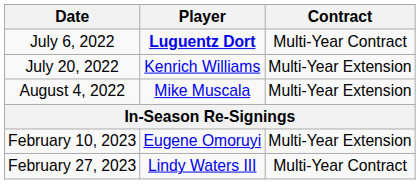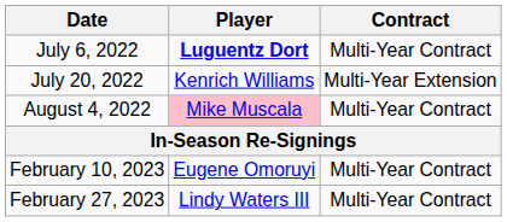 <table class="wikitable" style="text-align: center">
 <tr>
 <th>Date</th>
 <th>Player</th>
 <th>Contract</th>
 </tr>
 <tr style="text-align: center">
 <td>July 6, 2022</td>
 <td><strong><a href='#'>Luguentz Dort</a></strong></td>
 <td>Multi-Year Contract</td>
 </tr>
 <tr style="text-align: center">
 <td>July 20, 2022</td>
 <td><a href='#'>Kenrich Williams</a></td>
 <td>Multi-Year Extension</td>
 </tr>
 <tr style="text-align: center">
 <td>August 4, 2022</td>
-<td><a href='#'>Mike Muscala</a></td>
-<td>Multi-Year Extension</td>
+<td style="background: pink;"><a href='#'>Mike Muscala</a></td>
+<td>Multi-Year Contract</td>
 </tr>
 <tr>
 <th scope="row" colspan="6" style="text-align:center;”">In-Season Re-Signings</th>
 </tr>
 <tr style="text-align: center">
 <td>February 10, 2023</td>
 <td><a href='#'>Eugene Omoruyi</a></td>
-<td>Multi-Year Extension</td>
+<td>Multi-Year Contract</td>
 </tr>
 <tr style="text-align: center">
 <td>February 27, 2023</td>
 <td><a href='#'>Lindy Waters III</a></td>
 <td>Multi-Year Contract</td>
 </tr>
 </table>
